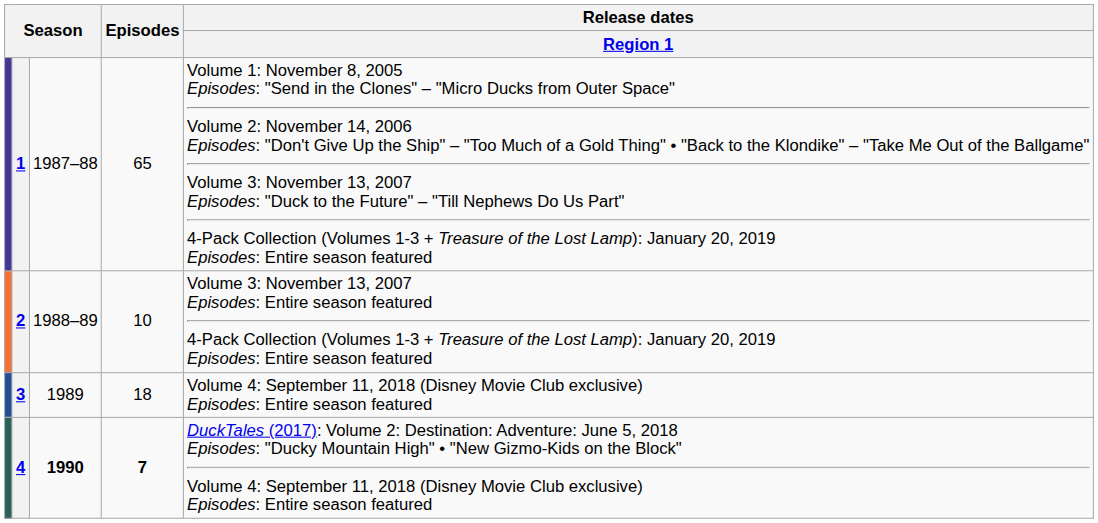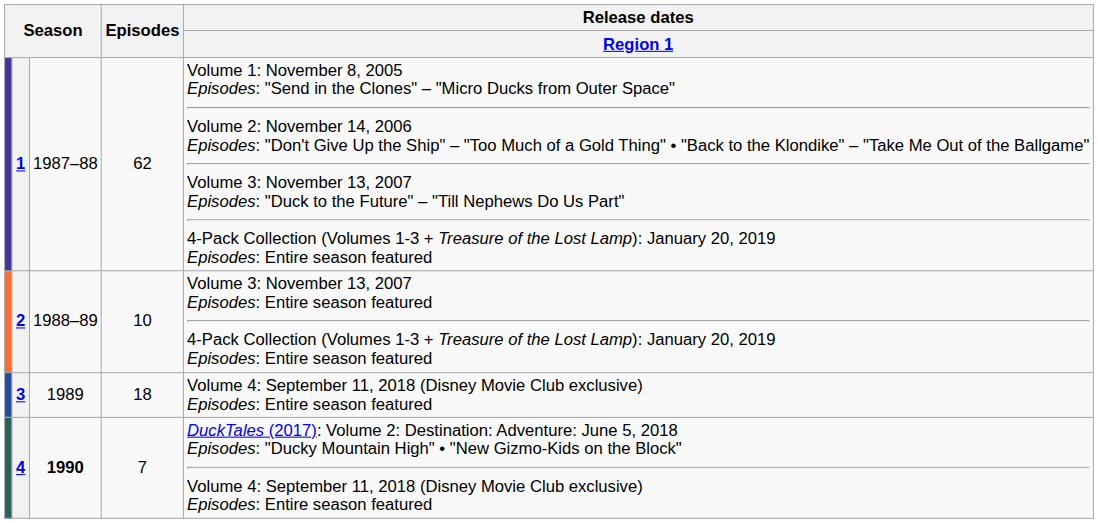 <table class="wikitable">
 <tr>
 <th colspan=3 rowspan=2>Season</th>
 <th rowspan=2>Episodes</th>
 <th>Release dates</th>
 </tr>
 <tr>
 <th><a href='#'>Region 1</a></th>
 </tr>
 <tr>
 <td style="background:#423797"></td>
 <th><a href='#'>1</a></th>
 <td style="text-align: center">1987–88</td>
-<td style="text-align: center">65</td>
+<td style="text-align: center">62</td>
 <td>Volume 1: November 8, 2005<br><em>Episodes</em>: "Send in the Clones" – "Micro Ducks from Outer Space"<hr>Volume 2: November 14, 2006<br><em>Episodes</em>: "Don't Give Up the Ship" – "Too Much of a Gold Thing" • "Back to the Klondike" – "Take Me Out of the Ballgame"<hr>Volume 3: November 13, 2007<br><em>Episodes</em>: "Duck to the Future" – "Till Nephews Do Us Part"<hr>4-Pack Collection (Volumes 1-3 + <em>Treasure of the Lost Lamp</em>): January 20, 2019<br><em>Episodes</em>: Entire season featured</td>
 </tr>
 <tr>
 <td style="background:#F67036"></td>
 <th><a href='#'>2</a></th>
 <td style="text-align: center">1988–89</td>
 <td style="text-align: center">10</td>
 <td>Volume 3: November 13, 2007<br><em>Episodes</em>: Entire season featured<hr>4-Pack Collection (Volumes 1-3 + <em>Treasure of the Lost Lamp</em>): January 20, 2019<br><em>Episodes</em>: Entire season featured</td>
 </tr>
 <tr>
 <td style="background:#204e99"></td>
 <th><a href='#'>3</a></th>
 <td style="text-align: center">1989</td>
 <td style="text-align: center">18</td>
 <td>Volume 4: September 11, 2018 (Disney Movie Club exclusive)<br><em>Episodes</em>: Entire season featured</td>
 </tr>
 <tr>
 <td style="background:#296159"></td>
 <th><a href='#'>4</a></th>
 <td style="text-align: center"><strong>1990</strong></td>
-<td style="text-align: center"><strong>7</strong></td>
+<td style="text-align: center">7</td>
 <td><a href='#'><em>DuckTales</em> (2017)</a>: Volume 2: Destination: Adventure: June 5, 2018<br><em>Episodes</em>: "Ducky Mountain High" • "New Gizmo-Kids on the Block"<hr>Volume 4: September 11, 2018 (Disney Movie Club exclusive)<br><em>Episodes</em>: Entire season featured</td>
 </tr>
 </table>
